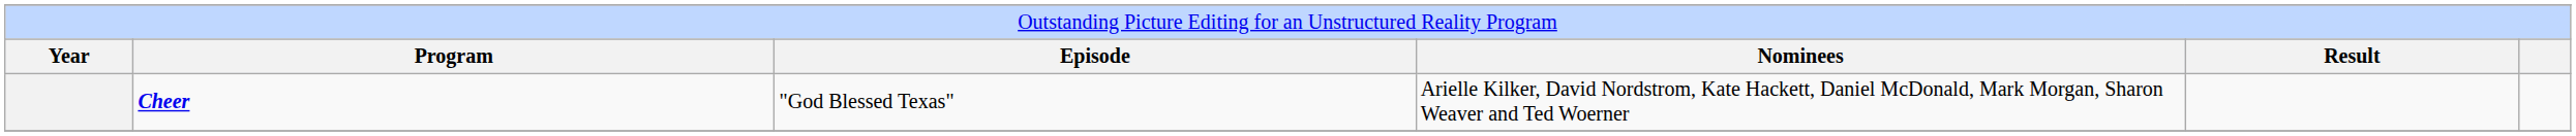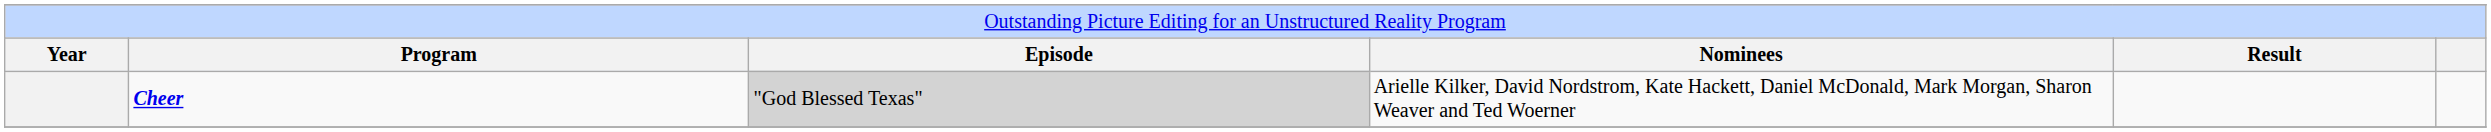 <table class="wikitable plainrowheaders" style="font-size: 90%" width=90%>
 <tr>
 </tr>
 <tr ---- bgcolor="#bfd7ff">
 <td colspan=6 align=center><a href='#'>Outstanding Picture Editing for an Unstructured Reality Program</a></td>
 </tr>
 <tr ---- bgcolor="#ebf5ff">
 <th width="5%">Year</th>
 <th width="25%">Program</th>
 <th width="25%">Episode</th>
 <th width="30%">Nominees</th>
 <th width="13%">Result</th>
 <th width="5%"></th>
 </tr>
 <tr>
 <th scope=row></th>
 <td><strong><em><a href='#'>Cheer</a></em></strong></td>
-<td>"God Blessed Texas"</td>
+<td style="background: lightgrey;">"God Blessed Texas"</td>
 <td>Arielle Kilker, David Nordstrom, Kate Hackett, Daniel McDonald, Mark Morgan, Sharon Weaver and Ted Woerner</td>
 <td></td>
 <td></td>
 </tr>
 <tr>
 </tr>
 </table>
